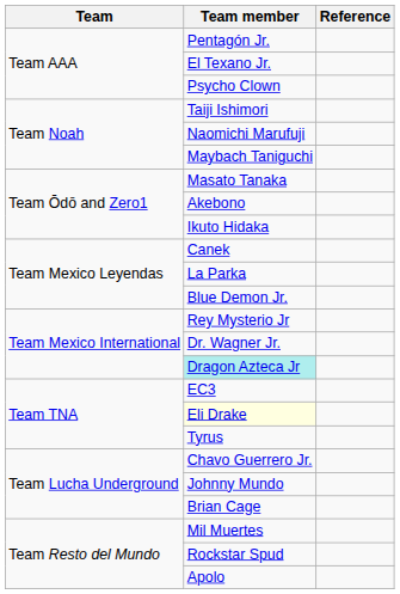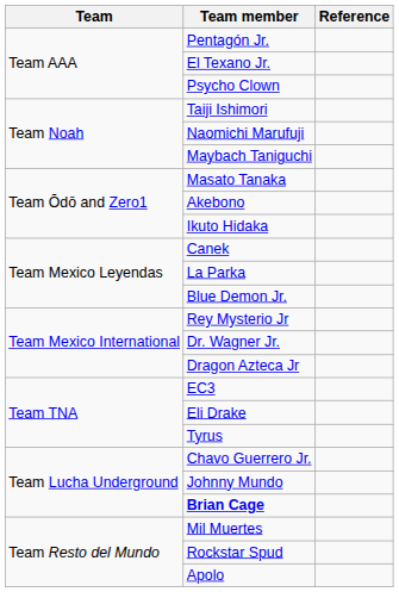 <table class="wikitable sortable">
 <tr>
 <th>Team</th>
 <th>Team member</th>
 <th>Reference</th>
 </tr>
 <tr>
 <td rowspan="3">Team AAA</td>
 <td><a href='#'>Pentagón Jr.</a></td>
 <td></td>
 </tr>
 <tr>
 <td><a href='#'>El Texano Jr.</a></td>
 <td></td>
 </tr>
 <tr>
 <td><a href='#'>Psycho Clown</a></td>
 <td> </td>
 </tr>
 <tr>
 <td rowspan="3">Team <a href='#'>Noah</a></td>
 <td><a href='#'>Taiji Ishimori</a></td>
 <td></td>
 </tr>
 <tr>
 <td><a href='#'>Naomichi Marufuji</a></td>
 <td></td>
 </tr>
 <tr>
 <td><a href='#'>Maybach Taniguchi</a></td>
 <td></td>
 </tr>
 <tr>
 <td rowspan="3">Team Ōdō and <a href='#'>Zero1</a></td>
 <td><a href='#'>Masato Tanaka</a></td>
 <td></td>
 </tr>
 <tr>
 <td><a href='#'>Akebono</a></td>
 <td></td>
 </tr>
 <tr>
 <td><a href='#'>Ikuto Hidaka</a></td>
 <td></td>
 </tr>
 <tr>
 <td rowspan="3">Team Mexico Leyendas</td>
 <td><a href='#'>Canek</a></td>
 <td></td>
 </tr>
 <tr>
 <td><a href='#'>La Parka</a></td>
 <td></td>
 </tr>
 <tr>
 <td><a href='#'>Blue Demon Jr.</a></td>
 <td></td>
 </tr>
 <tr>
 <td rowspan="3"><a href='#'>Team Mexico International</a></td>
 <td><a href='#'>Rey Mysterio Jr</a></td>
 <td></td>
 </tr>
 <tr>
 <td><a href='#'>Dr. Wagner Jr.</a></td>
 <td></td>
 </tr>
 <tr>
-<td style="background: paleturquoise;"><a href='#'>Dragon Azteca Jr</a></td>
+<td><a href='#'>Dragon Azteca Jr</a></td>
 <td></td>
 </tr>
 <tr>
 <td rowspan="3"><a href='#'>Team TNA</a></td>
 <td><a href='#'>EC3</a></td>
 <td></td>
 </tr>
 <tr>
-<td style="background: lightyellow;"><a href='#'>Eli Drake</a></td>
+<td><a href='#'>Eli Drake</a></td>
 <td></td>
 </tr>
 <tr>
 <td><a href='#'>Tyrus</a></td>
 <td></td>
 </tr>
 <tr>
 <td rowspan="3">Team <a href='#'>Lucha Underground</a></td>
 <td><a href='#'>Chavo Guerrero Jr.</a></td>
 <td></td>
 </tr>
 <tr>
 <td><a href='#'>Johnny Mundo</a></td>
 <td></td>
 </tr>
 <tr>
-<td><a href='#'>Brian Cage</a></td>
+<td><strong><a href='#'>Brian Cage</a></strong></td>
 <td></td>
 </tr>
 <tr>
 <td rowspan="3">Team <em>Resto del Mundo</em></td>
 <td><a href='#'>Mil Muertes</a></td>
 <td></td>
 </tr>
 <tr>
 <td><a href='#'>Rockstar Spud</a></td>
 <td></td>
 </tr>
 <tr>
 <td><a href='#'>Apolo</a></td>
 <td></td>
 </tr>
 </table>
